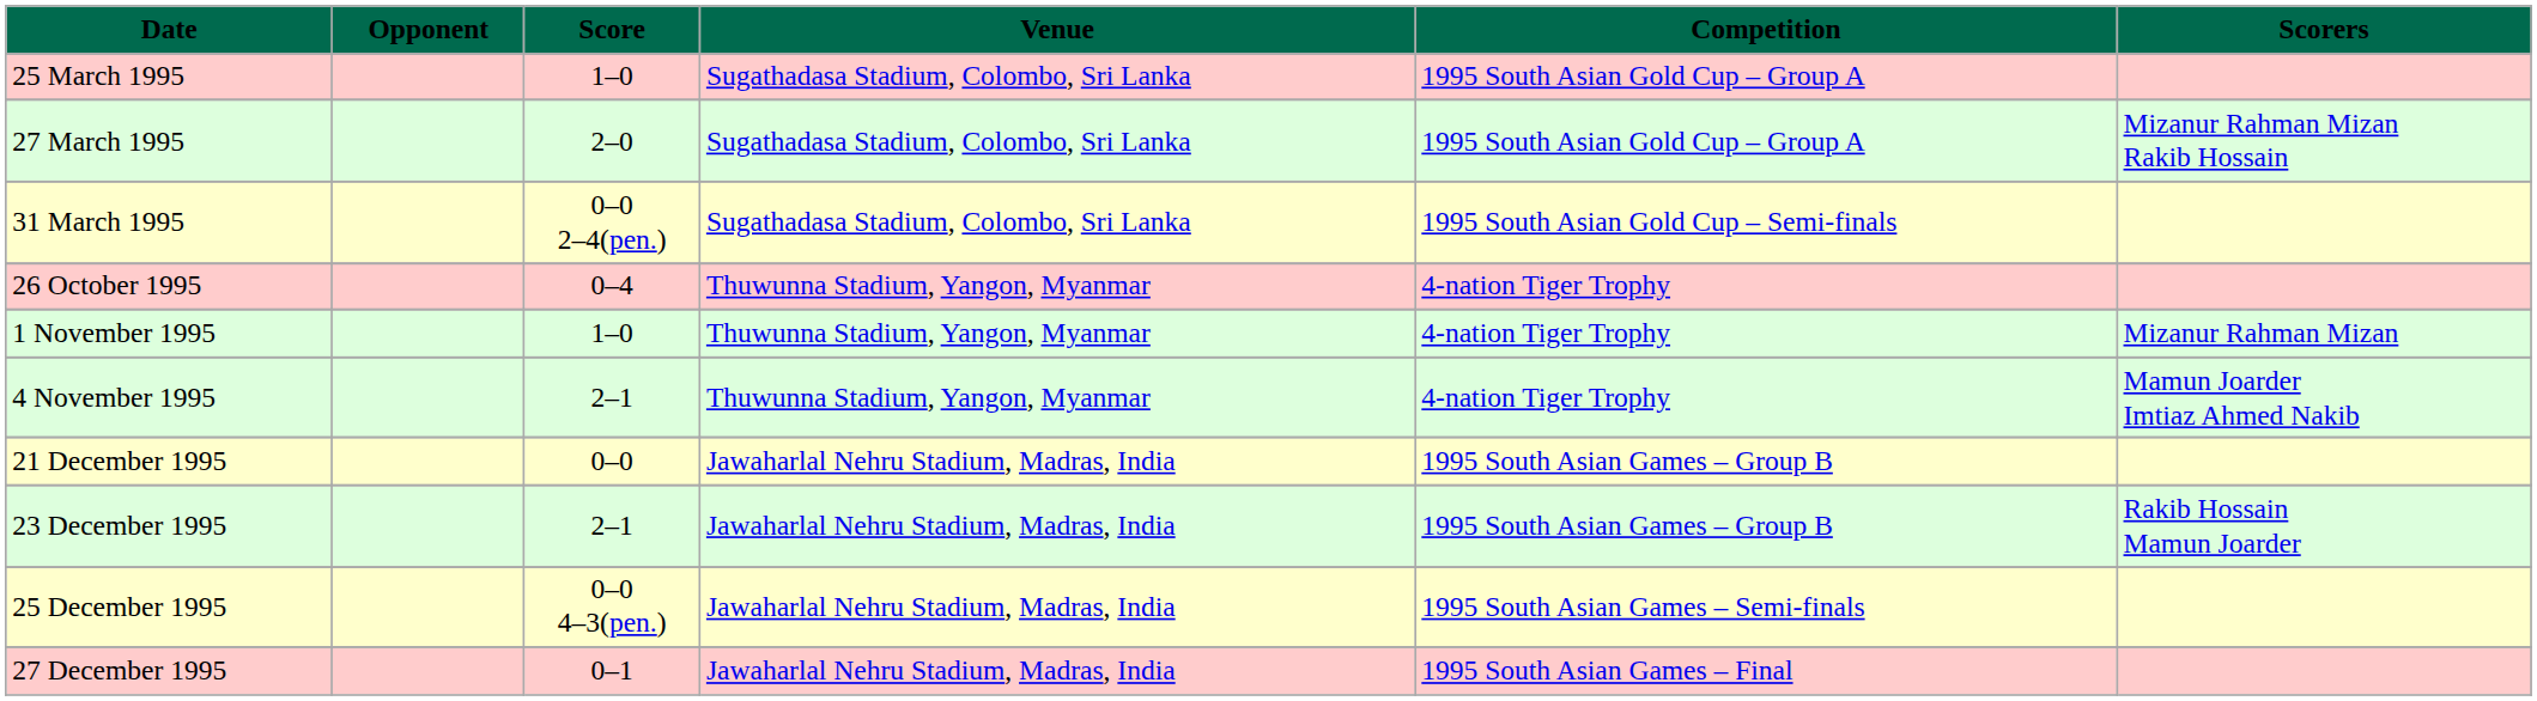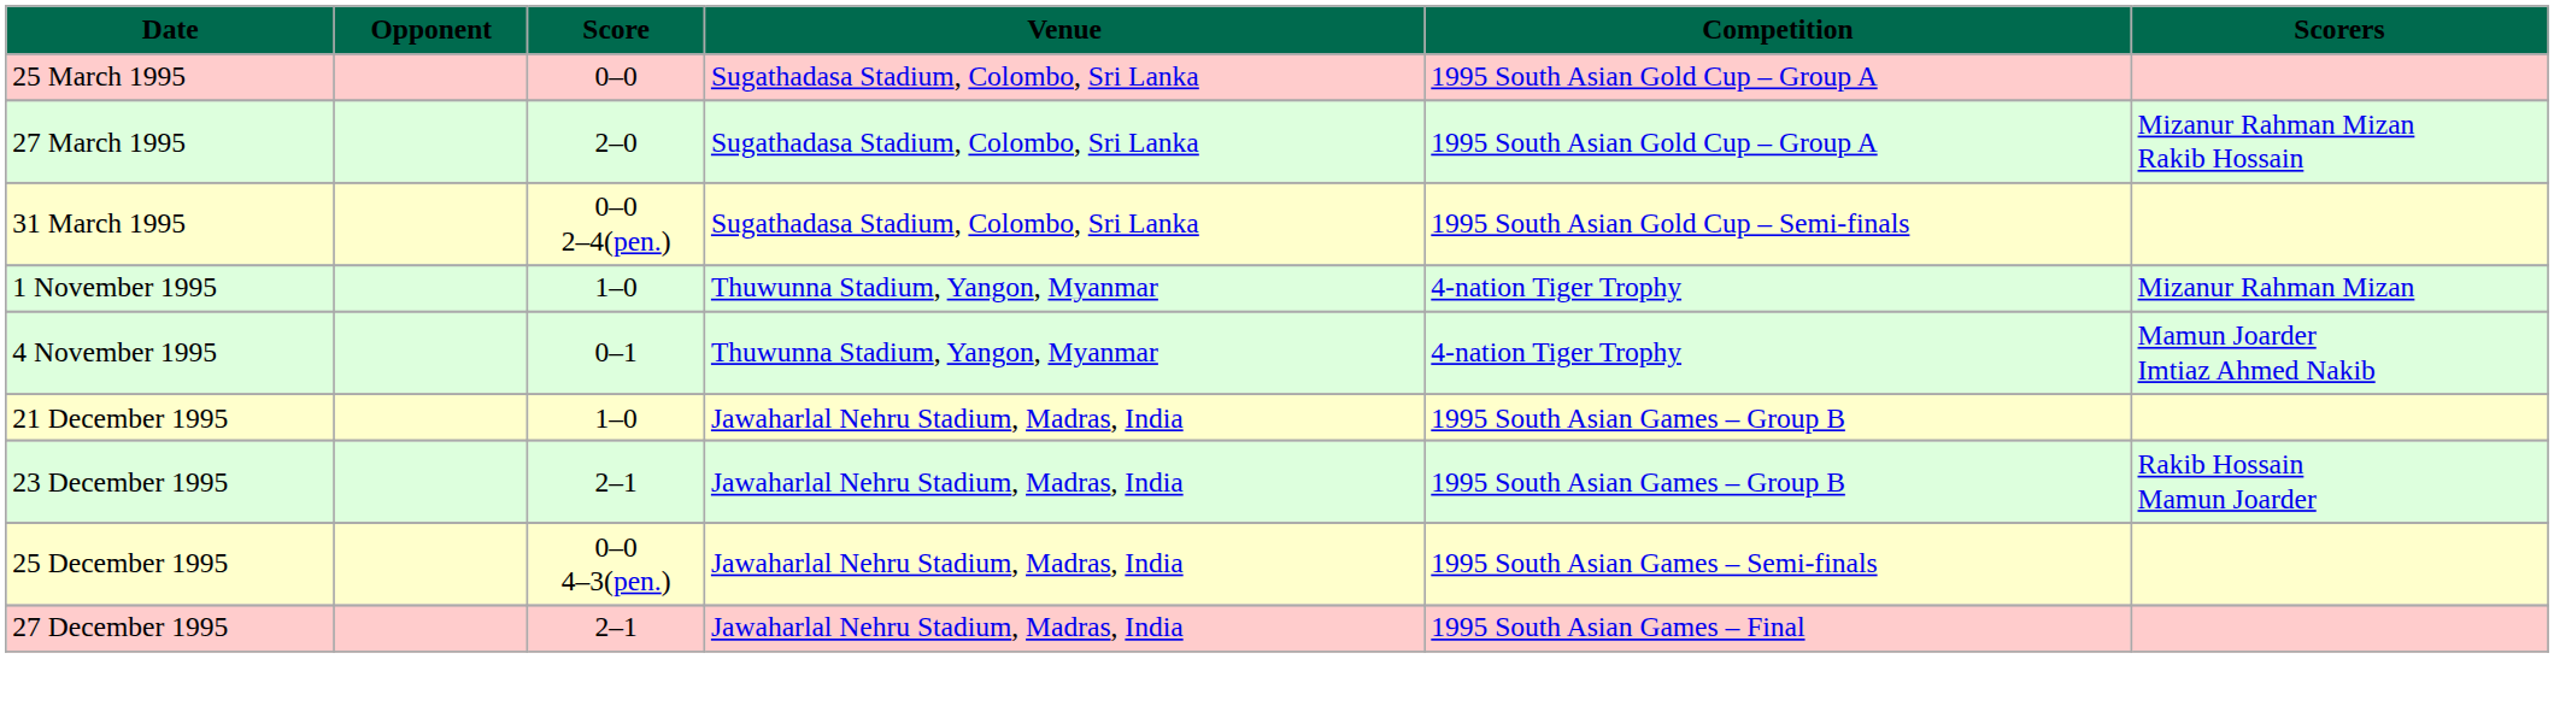 <table class="wikitable" width=100% style="text-align:left;font-size:88%;">
 <tr>
 <th style="background:#006a4e;"><span>Date</span></th>
 <th style="background:#006a4e;"><span>Opponent</span></th>
 <th style="background:#006a4e;"><span>Score</span></th>
 <th style="background:#006a4e;"><span>Venue</span></th>
 <th style="background:#006a4e;"><span>Competition</span></th>
 <th style="background:#006a4e;"><span>Scorers</span></th>
 </tr>
 <tr>
 </tr>
 <tr style="background:#fcc;">
 <td>25 March 1995</td>
 <td></td>
-<td style="text-align: center">1–0</td>
+<td style="text-align: center">0–0</td>
 <td> <a href='#'>Sugathadasa Stadium</a>, <a href='#'>Colombo</a>, <a href='#'>Sri Lanka</a></td>
 <td><a href='#'>1995 South Asian Gold Cup – Group A</a></td>
 <td></td>
 </tr>
 <tr>
 </tr>
 <tr style="background:#dfd;">
 <td>27 March 1995</td>
 <td></td>
 <td style="text-align: center">2–0</td>
 <td> <a href='#'>Sugathadasa Stadium</a>, <a href='#'>Colombo</a>, <a href='#'>Sri Lanka</a></td>
 <td><a href='#'>1995 South Asian Gold Cup – Group A</a></td>
 <td><a href='#'>Mizanur Rahman Mizan</a>  <br> <a href='#'>Rakib Hossain</a> </td>
 </tr>
 <tr>
 </tr>
 <tr style="background:#ffc;">
 <td>31 March 1995</td>
 <td></td>
 <td style="text-align: center">0–0<br>2–4(<a href='#'>pen.</a>)</td>
 <td> <a href='#'>Sugathadasa Stadium</a>, <a href='#'>Colombo</a>, <a href='#'>Sri Lanka</a></td>
 <td><a href='#'>1995 South Asian Gold Cup – Semi-finals</a></td>
 <td></td>
 </tr>
 <tr>
 </tr>
-<tr style="background:#fcc;">
-<td>26 October 1995</td>
-<td></td>
-<td style="text-align: center">0–4</td>
-<td> <a href='#'>Thuwunna Stadium</a>, <a href='#'>Yangon</a>, <a href='#'>Myanmar</a></td>
-<td><a href='#'>4-nation Tiger Trophy</a></td>
-<td></td>
-</tr>
 <tr>
 </tr>
 <tr style="background:#dfd;">
 <td>1 November  1995</td>
 <td></td>
 <td style="text-align: center">1–0</td>
 <td> <a href='#'>Thuwunna Stadium</a>, <a href='#'>Yangon</a>, <a href='#'>Myanmar</a></td>
 <td><a href='#'>4-nation Tiger Trophy</a></td>
 <td><a href='#'>Mizanur Rahman Mizan</a> </td>
 </tr>
 <tr>
 </tr>
 <tr style="background:#dfd;">
 <td>4 November 1995</td>
 <td></td>
-<td style="text-align: center">2–1</td>
+<td style="text-align: center">0–1</td>
 <td> <a href='#'>Thuwunna Stadium</a>, <a href='#'>Yangon</a>, <a href='#'>Myanmar</a></td>
 <td><a href='#'>4-nation Tiger Trophy</a></td>
 <td><a href='#'>Mamun Joarder</a>  <br> <a href='#'>Imtiaz Ahmed Nakib</a> </td>
 </tr>
 <tr>
 </tr>
 <tr style="background:#ffc;">
 <td>21 December 1995</td>
 <td></td>
-<td style="text-align: center">0–0</td>
+<td style="text-align: center">1–0</td>
 <td> <a href='#'>Jawaharlal Nehru Stadium</a>, <a href='#'>Madras</a>, <a href='#'>India</a></td>
 <td><a href='#'>1995 South Asian Games – Group B</a></td>
 <td></td>
 </tr>
 <tr>
 </tr>
 <tr style="background:#dfd;">
 <td>23 December 1995</td>
 <td></td>
 <td style="text-align: center">2–1</td>
 <td> <a href='#'>Jawaharlal Nehru Stadium</a>, <a href='#'>Madras</a>, <a href='#'>India</a></td>
 <td><a href='#'>1995 South Asian Games – Group B</a></td>
 <td><a href='#'>Rakib Hossain</a>  <br> <a href='#'>Mamun Joarder</a> </td>
 </tr>
 <tr>
 </tr>
 <tr style="background:#ffc;">
 <td>25 December 1995</td>
 <td></td>
 <td style="text-align: center">0–0<br>4–3(<a href='#'>pen.</a>)</td>
 <td> <a href='#'>Jawaharlal Nehru Stadium</a>, <a href='#'>Madras</a>, <a href='#'>India</a></td>
 <td><a href='#'>1995 South Asian Games – Semi-finals</a></td>
 <td></td>
 </tr>
 <tr>
 </tr>
 <tr style="background:#fcc;">
 <td>27 December 1995</td>
 <td></td>
-<td style="text-align: center">0–1</td>
+<td style="text-align: center">2–1</td>
 <td> <a href='#'>Jawaharlal Nehru Stadium</a>, <a href='#'>Madras</a>, <a href='#'>India</a></td>
 <td><a href='#'>1995 South Asian Games – Final</a></td>
 <td></td>
 </tr>
 </table>
